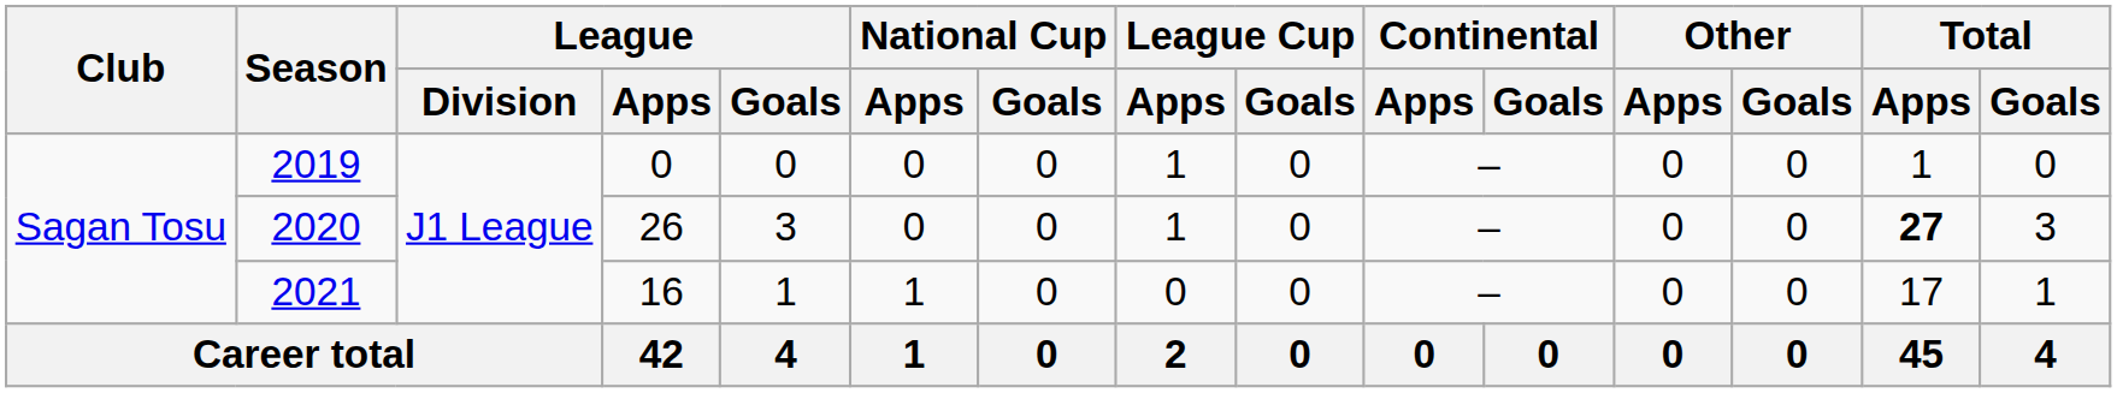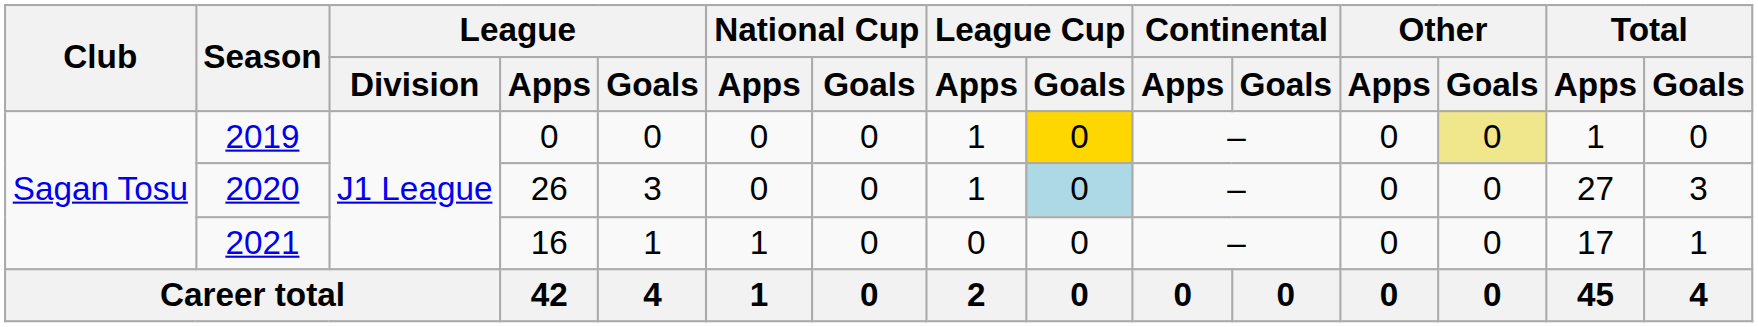 <table class="wikitable" style="text-align: center">
 <tr>
 <th rowspan="2">Club</th>
 <th rowspan="2">Season</th>
 <th colspan="3">League</th>
 <th colspan="2">National Cup</th>
 <th colspan="2">League Cup</th>
 <th colspan="2">Continental</th>
 <th colspan="2">Other</th>
 <th colspan="2">Total</th>
 </tr>
 <tr>
 <th>Division</th>
 <th>Apps</th>
 <th>Goals</th>
 <th>Apps</th>
 <th>Goals</th>
 <th>Apps</th>
 <th>Goals</th>
 <th>Apps</th>
 <th>Goals</th>
 <th>Apps</th>
 <th>Goals</th>
 <th>Apps</th>
 <th>Goals</th>
 </tr>
 <tr>
 <td rowspan="3"><a href='#'>Sagan Tosu</a></td>
 <td><a href='#'>2019</a></td>
 <td rowspan="3"><a href='#'>J1 League</a></td>
 <td>0</td>
 <td>0</td>
 <td>0</td>
 <td>0</td>
 <td>1</td>
-<td>0</td>
+<td style="background: gold;">0</td>
 <td colspan="2">–</td>
 <td>0</td>
-<td>0</td>
+<td style="background: khaki;">0</td>
 <td>1</td>
 <td>0</td>
 </tr>
 <tr>
 <td><a href='#'>2020</a></td>
 <td>26</td>
 <td>3</td>
 <td>0</td>
 <td>0</td>
 <td>1</td>
-<td>0</td>
+<td style="background: lightblue;">0</td>
 <td colspan="2">–</td>
 <td>0</td>
 <td>0</td>
-<td><strong>27</strong></td>
+<td>27</td>
 <td>3</td>
 </tr>
 <tr>
 <td><a href='#'>2021</a></td>
 <td>16</td>
 <td>1</td>
 <td>1</td>
 <td>0</td>
 <td>0</td>
 <td>0</td>
 <td colspan="2">–</td>
 <td>0</td>
 <td>0</td>
 <td>17</td>
 <td>1</td>
 </tr>
 <tr>
 <th colspan=3>Career total</th>
 <th>42</th>
 <th>4</th>
 <th>1</th>
 <th>0</th>
 <th>2</th>
 <th>0</th>
 <th>0</th>
 <th>0</th>
 <th>0</th>
 <th>0</th>
 <th>45</th>
 <th>4</th>
 </tr>
 </table>
